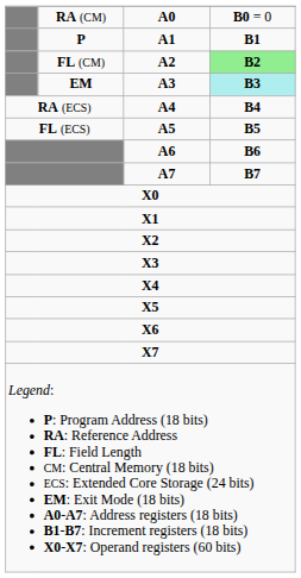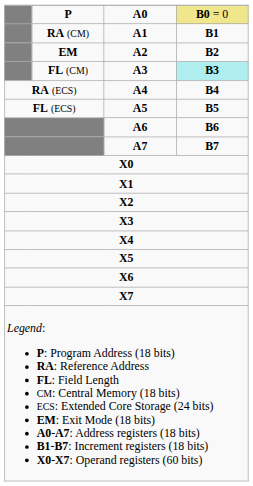 <table class=wikitable align=right>
 <tr>
 </tr>
 <tr align=center>
 <td width=30px bgcolor=grey></td>
-<td width=90px><strong>RA</strong> <small>(CM)</small></td>
+<td width=90px><strong>P</strong></td>
 <td width=90><strong>A0</strong></td>
-<td width=90><strong>B0</strong> = 0</td>
+<td width=90 style="background: khaki;"><strong>B0</strong> = 0</td>
 </tr>
 <tr align=center>
 <td width=30px bgcolor=grey></td>
-<td width=90px><strong>P</strong></td>
+<td width=90px><strong>RA</strong> <small>(CM)</small></td>
 <td width=90><strong>A1</strong></td>
 <td width=90><strong>B1</strong></td>
 </tr>
 <tr align=center>
 <td width=30px bgcolor=grey></td>
-<td width=90px><strong>FL</strong> <small>(CM)</small></td>
+<td width=90px><strong>EM</strong></td>
 <td width=90><strong>A2</strong></td>
-<td width=90 style="background: lightgreen;"><strong>B2</strong></td>
+<td width=90><strong>B2</strong></td>
 </tr>
 <tr align=center>
 <td width=30px bgcolor=grey></td>
-<td width=90px><strong>EM</strong></td>
+<td width=90px><strong>FL</strong> <small>(CM)</small></td>
 <td width=90><strong>A3</strong></td>
 <td width=90 style="background: paleturquoise;"><strong>B3</strong></td>
 </tr>
 <tr align=center>
 <td width=120px colspan=2><strong>RA</strong> <small>(ECS)</small></td>
 <td width=90><strong>A4</strong></td>
 <td width=90><strong>B4</strong></td>
 </tr>
 <tr align=center>
 <td width=120px colspan=2><strong>FL</strong> <small>(ECS)</small></td>
 <td width=90><strong>A5</strong></td>
 <td width=90><strong>B5</strong></td>
 </tr>
 <tr align=center>
 <td width=120px colspan=2 bgcolor=grey></td>
 <td width=90><strong>A6</strong></td>
 <td width=90><strong>B6</strong></td>
 </tr>
 <tr align=center>
 <td width=120px colspan=2 bgcolor=grey></td>
 <td width=90><strong>A7</strong></td>
 <td width=90><strong>B7</strong></td>
 </tr>
 <tr align=center>
 <td width=300px colspan=4><strong>X0</strong></td>
 </tr>
 <tr align=center>
 <td width=300px colspan=4><strong>X1</strong></td>
 </tr>
 <tr align=center>
 <td width=300px colspan=4><strong>X2</strong></td>
 </tr>
 <tr align=center>
 <td width=300px colspan=4><strong>X3</strong></td>
 </tr>
 <tr align=center>
 <td width=300px colspan=4><strong>X4</strong></td>
 </tr>
 <tr align=center>
 <td width=300px colspan=4><strong>X5</strong></td>
 </tr>
 <tr align=center>
 <td width=300px colspan=4><strong>X6</strong></td>
 </tr>
 <tr align=center>
 <td width=300px colspan=4><strong>X7</strong></td>
 </tr>
 <tr>
 <td width=300px colspan=4><br><em>Legend</em>:<ul><li><strong>P</strong>: Program Address (18 bits)</li><li><strong>RA</strong>: Reference Address</li><li><strong>FL</strong>: Field Length</li><li><small>CM</small>: Central Memory (18 bits)</li><li><small>ECS</small>: Extended Core Storage (24 bits)</li><li><strong>EM</strong>: Exit Mode  (18 bits)</li><li><strong>A0</strong>-<strong>A7</strong>: Address registers (18 bits)</li><li><strong>B1</strong>-<strong>B7</strong>: Increment registers (18 bits)</li><li><strong>X0</strong>-<strong>X7</strong>: Operand registers (60 bits)</li></ul></td>
 </tr>
 </table>
